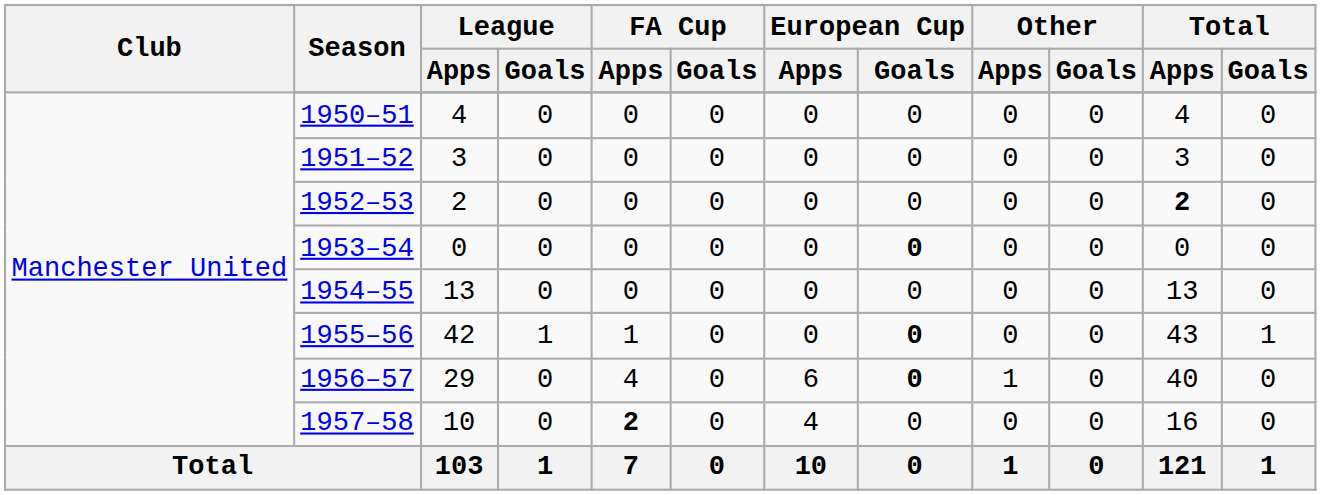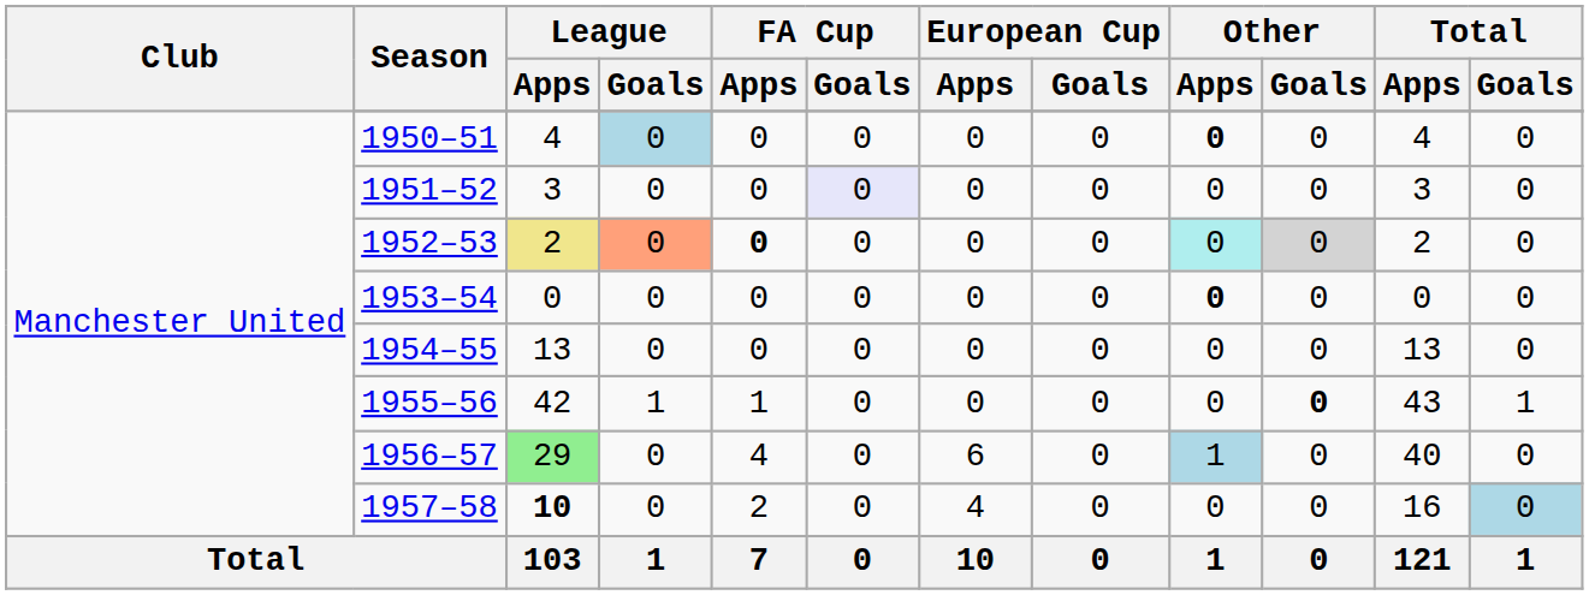 <table class="wikitable" style="text-align:center">
 <tr>
 <th rowspan="2">Club</th>
 <th rowspan="2">Season</th>
 <th colspan="2">League</th>
 <th colspan="2">FA Cup</th>
 <th colspan="2">European Cup</th>
 <th colspan="2">Other</th>
 <th colspan="2">Total</th>
 </tr>
 <tr>
 <th>Apps</th>
 <th>Goals</th>
 <th>Apps</th>
 <th>Goals</th>
 <th>Apps</th>
 <th>Goals</th>
 <th>Apps</th>
 <th>Goals</th>
 <th>Apps</th>
 <th>Goals</th>
 </tr>
 <tr>
 <td rowspan="9"><a href='#'>Manchester United</a></td>
 </tr>
 <tr>
 <td><a href='#'>1950–51</a></td>
 <td>4</td>
+<td style="background: lightblue;">0</td>
 <td>0</td>
 <td>0</td>
 <td>0</td>
 <td>0</td>
-<td>0</td>
-<td>0</td>
+<td><strong>0</strong></td>
 <td>0</td>
 <td>4</td>
 <td>0</td>
 </tr>
 <tr>
 <td><a href='#'>1951–52</a></td>
 <td>3</td>
 <td>0</td>
 <td>0</td>
-<td>0</td>
+<td style="background: lavender;">0</td>
 <td>0</td>
 <td>0</td>
 <td>0</td>
 <td>0</td>
 <td>3</td>
 <td>0</td>
 </tr>
 <tr>
 <td><a href='#'>1952–53</a></td>
-<td>2</td>
+<td style="background: khaki;">2</td>
+<td style="background: lightsalmon;">0</td>
+<td><strong>0</strong></td>
 <td>0</td>
 <td>0</td>
 <td>0</td>
-<td>0</td>
-<td>0</td>
-<td>0</td>
-<td>0</td>
-<td><strong>2</strong></td>
+<td style="background: paleturquoise;">0</td>
+<td style="background: lightgrey;">0</td>
+<td>2</td>
 <td>0</td>
 </tr>
 <tr>
 <td><a href='#'>1953–54</a></td>
 <td>0</td>
 <td>0</td>
 <td>0</td>
 <td>0</td>
 <td>0</td>
+<td>0</td>
 <td><strong>0</strong></td>
-<td>0</td>
 <td>0</td>
 <td>0</td>
 <td>0</td>
 </tr>
 <tr>
 <td><a href='#'>1954–55</a></td>
 <td>13</td>
 <td>0</td>
 <td>0</td>
 <td>0</td>
 <td>0</td>
 <td>0</td>
 <td>0</td>
 <td>0</td>
 <td>13</td>
 <td>0</td>
 </tr>
 <tr>
 <td><a href='#'>1955–56</a></td>
 <td>42</td>
 <td>1</td>
 <td>1</td>
 <td>0</td>
 <td>0</td>
-<td><strong>0</strong></td>
 <td>0</td>
 <td>0</td>
+<td><strong>0</strong></td>
 <td>43</td>
 <td>1</td>
 </tr>
 <tr>
 <td><a href='#'>1956–57</a></td>
-<td>29</td>
+<td style="background: lightgreen;">29</td>
 <td>0</td>
 <td>4</td>
 <td>0</td>
 <td>6</td>
-<td><strong>0</strong></td>
-<td>1</td>
+<td>0</td>
+<td style="background: lightblue;">1</td>
 <td>0</td>
 <td>40</td>
 <td>0</td>
 </tr>
 <tr>
 <td><a href='#'>1957–58</a></td>
-<td>10</td>
+<td><strong>10</strong></td>
 <td>0</td>
-<td><strong>2</strong></td>
+<td>2</td>
 <td>0</td>
 <td>4</td>
 <td>0</td>
 <td>0</td>
 <td>0</td>
 <td>16</td>
-<td>0</td>
+<td style="background: lightblue;">0</td>
 </tr>
 <tr>
 <th colspan=2>Total</th>
 <th>103</th>
 <th>1</th>
 <th>7</th>
 <th>0</th>
 <th>10</th>
 <th>0</th>
 <th>1</th>
 <th>0</th>
 <th>121</th>
 <th>1</th>
 </tr>
 </table>
